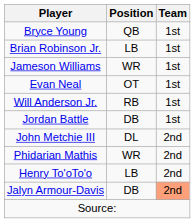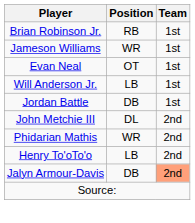 <table class="wikitable" style="text-align: center">
 <tr align=center>
 <th>Player</th>
 <th>Position</th>
 <th>Team</th>
 </tr>
 <tr>
-<td><a href='#'>Bryce Young</a></td>
-<td>QB</td>
-<td>1st</td>
-</tr>
-<tr>
 <td><a href='#'>Brian Robinson Jr.</a></td>
-<td>LB</td>
+<td>RB</td>
 <td>1st</td>
 </tr>
 <tr>
 <td><a href='#'>Jameson Williams</a></td>
 <td>WR</td>
 <td>1st</td>
 </tr>
 <tr>
 <td><a href='#'>Evan Neal</a></td>
 <td>OT</td>
 <td>1st</td>
 </tr>
 <tr>
 <td><a href='#'>Will Anderson Jr.</a></td>
-<td>RB</td>
+<td>LB</td>
 <td>1st</td>
 </tr>
 <tr>
 <td><a href='#'>Jordan Battle</a></td>
 <td>DB</td>
 <td>1st</td>
 </tr>
 <tr>
 <td><a href='#'>John Metchie III</a></td>
 <td>DL</td>
 <td>2nd</td>
 </tr>
 <tr>
 <td><a href='#'>Phidarian Mathis</a></td>
 <td>WR</td>
 <td>2nd</td>
 </tr>
 <tr>
 <td><a href='#'>Henry To'oTo'o</a></td>
 <td>LB</td>
 <td>2nd</td>
 </tr>
 <tr>
 <td><a href='#'>Jalyn Armour-Davis</a></td>
 <td>DB</td>
 <td style="background: lightsalmon;">2nd</td>
 </tr>
 <tr>
 <td colspan="3">Source:</td>
 </tr>
 </table>
